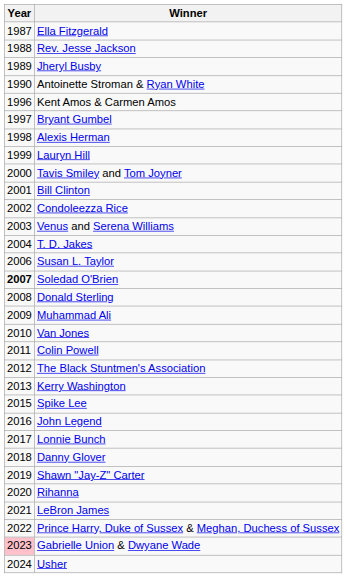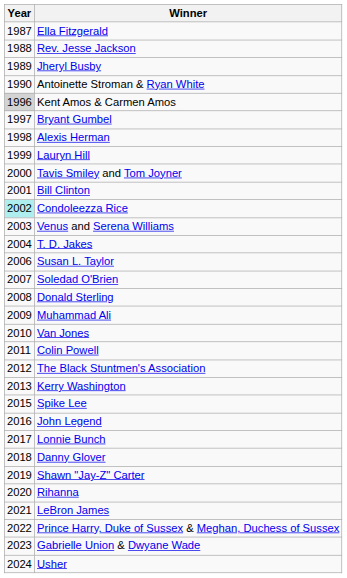 <table class="wikitable">
 <tr>
 <th>Year</th>
 <th>Winner</th>
 </tr>
 <tr>
 <td>1987</td>
 <td><a href='#'>Ella Fitzgerald</a></td>
 </tr>
 <tr>
 <td>1988</td>
 <td><a href='#'>Rev. Jesse Jackson</a></td>
 </tr>
 <tr>
 <td>1989</td>
 <td><a href='#'>Jheryl Busby</a></td>
 </tr>
 <tr>
 <td>1990</td>
 <td>Antoinette Stroman & <a href='#'>Ryan White</a></td>
 </tr>
 <tr>
-<td>1996</td>
+<td style="background: lightgrey;">1996</td>
 <td>Kent Amos & Carmen Amos</td>
 </tr>
 <tr>
 <td>1997</td>
 <td><a href='#'>Bryant Gumbel</a></td>
 </tr>
 <tr>
 <td>1998</td>
 <td><a href='#'>Alexis Herman</a></td>
 </tr>
 <tr>
 <td>1999</td>
 <td><a href='#'>Lauryn Hill</a></td>
 </tr>
 <tr>
 <td>2000</td>
 <td><a href='#'>Tavis Smiley</a> and <a href='#'>Tom Joyner</a></td>
 </tr>
 <tr>
 <td>2001</td>
 <td><a href='#'>Bill Clinton</a></td>
 </tr>
 <tr>
-<td>2002</td>
+<td style="background: paleturquoise;">2002</td>
 <td><a href='#'>Condoleezza Rice</a></td>
 </tr>
 <tr>
 <td>2003</td>
 <td><a href='#'>Venus</a> and <a href='#'>Serena Williams</a></td>
 </tr>
 <tr>
 <td>2004</td>
 <td><a href='#'>T. D. Jakes</a></td>
 </tr>
 <tr>
 <td>2006</td>
 <td><a href='#'>Susan L. Taylor</a></td>
 </tr>
 <tr>
-<td><strong>2007</strong></td>
+<td>2007</td>
 <td><a href='#'>Soledad O'Brien</a></td>
 </tr>
 <tr>
 <td>2008</td>
 <td><a href='#'>Donald Sterling</a></td>
 </tr>
 <tr>
 <td>2009</td>
 <td><a href='#'>Muhammad Ali</a></td>
 </tr>
 <tr>
 <td>2010</td>
 <td><a href='#'>Van Jones</a></td>
 </tr>
 <tr>
 <td>2011</td>
 <td><a href='#'>Colin Powell</a></td>
 </tr>
 <tr>
 <td>2012</td>
 <td><a href='#'>The Black Stuntmen's Association</a></td>
 </tr>
 <tr>
 <td>2013</td>
 <td><a href='#'>Kerry Washington</a></td>
 </tr>
 <tr>
 <td>2015</td>
 <td><a href='#'>Spike Lee</a></td>
 </tr>
 <tr>
 <td>2016</td>
 <td><a href='#'>John Legend</a></td>
 </tr>
 <tr>
 <td>2017</td>
 <td><a href='#'>Lonnie Bunch</a></td>
 </tr>
 <tr>
 <td>2018</td>
 <td><a href='#'>Danny Glover</a></td>
 </tr>
 <tr>
 <td>2019</td>
 <td><a href='#'>Shawn "Jay-Z" Carter</a></td>
 </tr>
 <tr>
 <td>2020</td>
 <td><a href='#'>Rihanna</a></td>
 </tr>
 <tr>
 <td>2021</td>
 <td><a href='#'>LeBron James</a></td>
 </tr>
 <tr>
 <td>2022</td>
 <td><a href='#'>Prince Harry, Duke of Sussex</a> & <a href='#'>Meghan, Duchess of Sussex</a></td>
 </tr>
 <tr>
-<td style="background: pink;">2023</td>
+<td>2023</td>
 <td><a href='#'>Gabrielle Union</a> & <a href='#'>Dwyane Wade</a></td>
 </tr>
 <tr>
 <td>2024</td>
 <td><a href='#'>Usher</a></td>
 </tr>
 </table>
